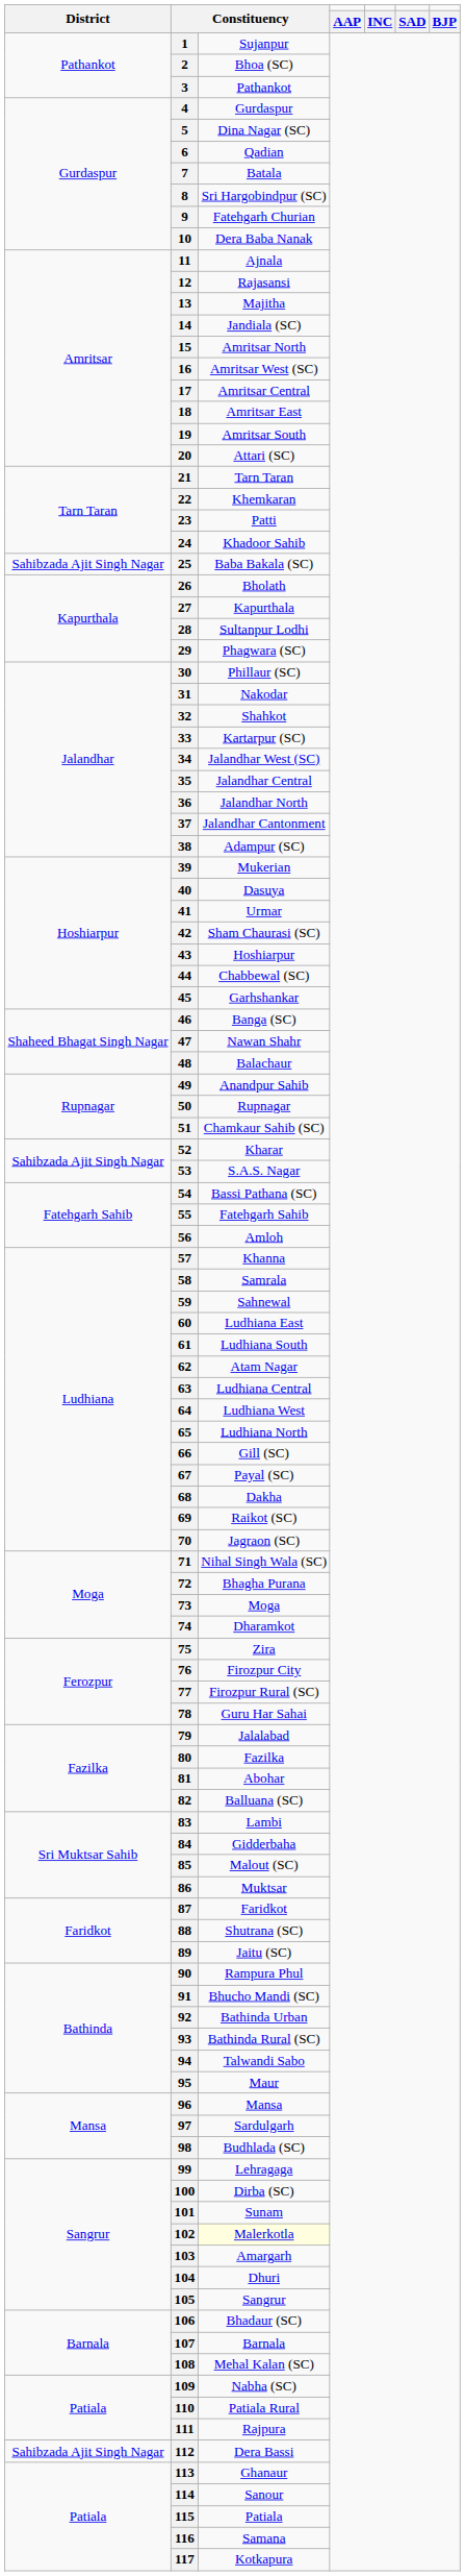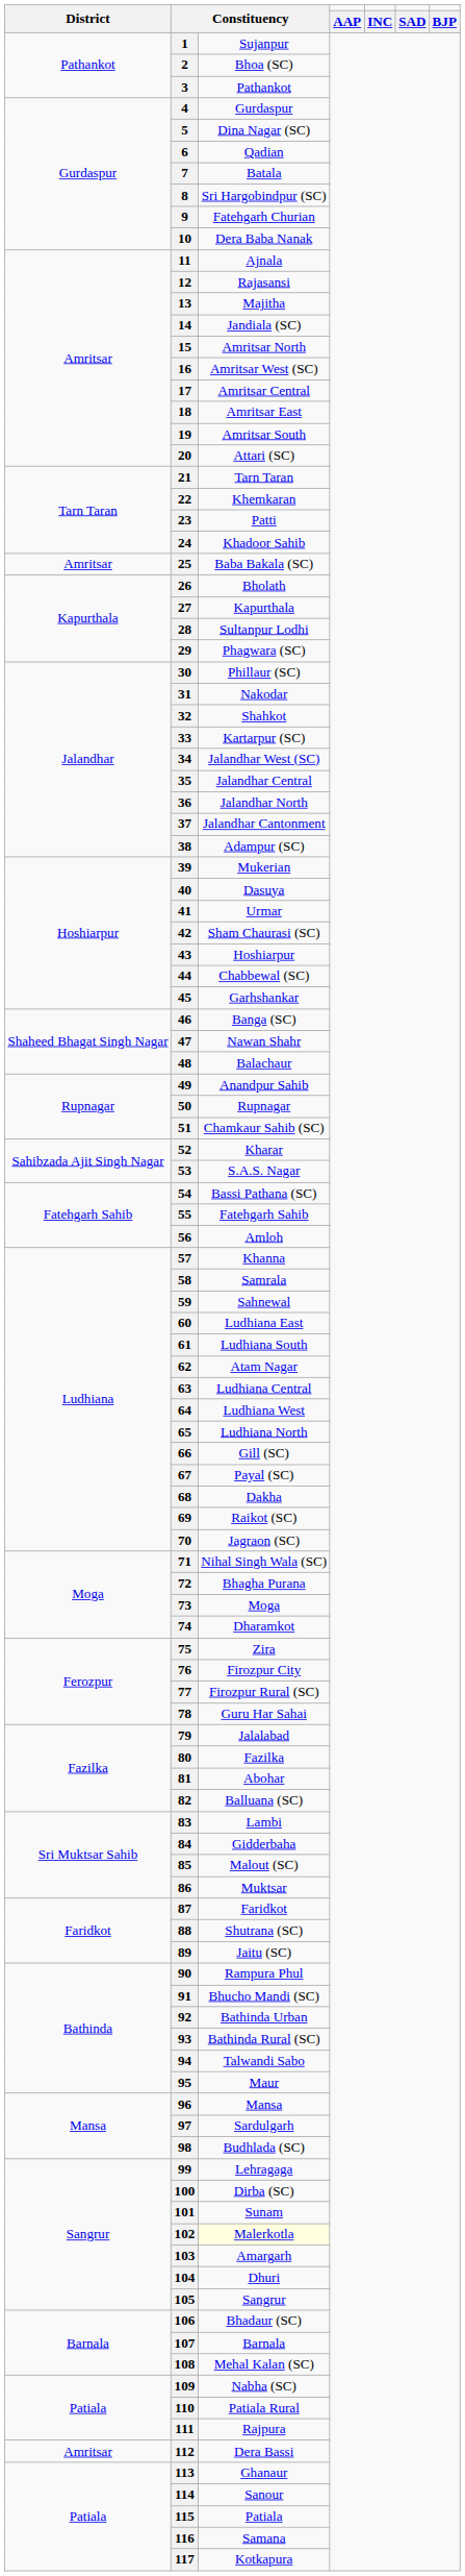 <table class="wikitable" style="text-align:center;">
 <tr>
 <th rowspan="2">District</th>
 <th colspan="2" rowspan="2">Constituency</th>
 <td colspan="3" style="background:"></td>
 <td colspan="3" style="background:"></td>
 <td colspan="3" style="background:"></td>
 <td colspan="3" style="background:"></td>
 </tr>
 <tr>
 <th colspan="3"><a href='#'>AAP</a></th>
 <th colspan="3"><a href='#'>INC</a></th>
 <th colspan="3"><a href='#'>SAD</a></th>
 <th colspan="3"><a href='#'>BJP</a></th>
 </tr>
 <tr>
 <td rowspan="3"><a href='#'>Pathankot</a></td>
 <th>1</th>
 <td><a href='#'>Sujanpur</a></td>
 </tr>
 <tr>
 <th>2</th>
 <td><a href='#'>Bhoa</a> (SC)</td>
 </tr>
 <tr>
 <th>3</th>
 <td><a href='#'>Pathankot</a></td>
 </tr>
 <tr>
 <td rowspan="7"><a href='#'>Gurdaspur</a></td>
 <th>4</th>
 <td><a href='#'>Gurdaspur</a></td>
 </tr>
 <tr>
 <th>5</th>
 <td><a href='#'>Dina Nagar</a> (SC)</td>
 </tr>
 <tr>
 <th>6</th>
 <td><a href='#'>Qadian</a></td>
 </tr>
 <tr>
 <th>7</th>
 <td><a href='#'>Batala</a></td>
 </tr>
 <tr>
 <th>8</th>
 <td><a href='#'>Sri Hargobindpur</a> (SC)</td>
 </tr>
 <tr>
 <th>9</th>
 <td><a href='#'>Fatehgarh Churian</a></td>
 </tr>
 <tr>
 <th>10</th>
 <td><a href='#'>Dera Baba Nanak</a></td>
 </tr>
 <tr>
 <td rowspan="10"><a href='#'>Amritsar</a></td>
 <th>11</th>
 <td><a href='#'>Ajnala</a></td>
 </tr>
 <tr>
 <th>12</th>
 <td><a href='#'>Rajasansi</a></td>
 </tr>
 <tr>
 <th>13</th>
 <td><a href='#'>Majitha</a></td>
 </tr>
 <tr>
 <th>14</th>
 <td><a href='#'>Jandiala</a> (SC)</td>
 </tr>
 <tr>
 <th>15</th>
 <td><a href='#'>Amritsar North</a></td>
 </tr>
 <tr>
 <th>16</th>
 <td><a href='#'>Amritsar West</a> (SC)</td>
 </tr>
 <tr>
 <th>17</th>
 <td><a href='#'>Amritsar Central</a></td>
 </tr>
 <tr>
 <th>18</th>
 <td><a href='#'>Amritsar East</a></td>
 </tr>
 <tr>
 <th>19</th>
 <td><a href='#'>Amritsar South</a></td>
 </tr>
 <tr>
 <th>20</th>
 <td><a href='#'>Attari</a> (SC)</td>
 </tr>
 <tr>
 <td rowspan="4"><a href='#'>Tarn Taran</a></td>
 <th>21</th>
 <td><a href='#'>Tarn Taran</a></td>
 </tr>
 <tr>
 <th>22</th>
 <td><a href='#'>Khemkaran</a></td>
 </tr>
 <tr>
 <th>23</th>
 <td><a href='#'>Patti</a></td>
 </tr>
 <tr>
 <th>24</th>
 <td><a href='#'>Khadoor Sahib</a></td>
 </tr>
 <tr>
-<td><a href='#'>Sahibzada Ajit Singh Nagar</a></td>
+<td><a href='#'>Amritsar</a></td>
 <th>25</th>
 <td><a href='#'>Baba Bakala</a> (SC)</td>
 </tr>
 <tr>
 <td rowspan="4"><a href='#'>Kapurthala</a></td>
 <th>26</th>
 <td><a href='#'>Bholath</a></td>
 </tr>
 <tr>
 <th>27</th>
 <td><a href='#'>Kapurthala</a></td>
 </tr>
 <tr>
 <th>28</th>
 <td><a href='#'>Sultanpur Lodhi</a></td>
 </tr>
 <tr>
 <th>29</th>
 <td><a href='#'>Phagwara</a> (SC)</td>
 </tr>
 <tr>
 <td rowspan="9"><a href='#'>Jalandhar</a></td>
 <th>30</th>
 <td><a href='#'>Phillaur</a> (SC)</td>
 </tr>
 <tr>
 <th>31</th>
 <td><a href='#'>Nakodar</a></td>
 </tr>
 <tr>
 <th>32</th>
 <td><a href='#'>Shahkot</a></td>
 </tr>
 <tr>
 <th>33</th>
 <td><a href='#'>Kartarpur</a> (SC)</td>
 </tr>
 <tr>
 <th>34</th>
 <td><a href='#'>Jalandhar West (SC)</a></td>
 </tr>
 <tr>
 <th>35</th>
 <td><a href='#'>Jalandhar Central</a></td>
 </tr>
 <tr>
 <th>36</th>
 <td><a href='#'>Jalandhar North</a></td>
 </tr>
 <tr>
 <th>37</th>
 <td><a href='#'>Jalandhar Cantonment</a></td>
 </tr>
 <tr>
 <th>38</th>
 <td><a href='#'>Adampur</a> (SC)</td>
 </tr>
 <tr>
 <td rowspan="7"><a href='#'>Hoshiarpur</a></td>
 <th>39</th>
 <td><a href='#'>Mukerian</a></td>
 </tr>
 <tr>
 <th>40</th>
 <td><a href='#'>Dasuya</a></td>
 </tr>
 <tr>
 <th>41</th>
 <td><a href='#'>Urmar</a></td>
 </tr>
 <tr>
 <th>42</th>
 <td><a href='#'>Sham Chaurasi</a> (SC)</td>
 </tr>
 <tr>
 <th>43</th>
 <td><a href='#'>Hoshiarpur</a></td>
 </tr>
 <tr>
 <th>44</th>
 <td><a href='#'>Chabbewal</a> (SC)</td>
 </tr>
 <tr>
 <th>45</th>
 <td><a href='#'>Garhshankar</a></td>
 </tr>
 <tr>
 <td rowspan="3"><a href='#'>Shaheed Bhagat Singh Nagar</a></td>
 <th>46</th>
 <td><a href='#'>Banga</a> (SC)</td>
 </tr>
 <tr>
 <th>47</th>
 <td><a href='#'>Nawan Shahr</a></td>
 </tr>
 <tr>
 <th>48</th>
 <td><a href='#'>Balachaur</a></td>
 </tr>
 <tr>
 <td rowspan="3"><a href='#'>Rupnagar</a></td>
 <th>49</th>
 <td><a href='#'>Anandpur Sahib</a></td>
 </tr>
 <tr>
 <th>50</th>
 <td><a href='#'>Rupnagar</a></td>
 </tr>
 <tr>
 <th>51</th>
 <td><a href='#'>Chamkaur Sahib</a> (SC)</td>
 </tr>
 <tr>
 <td rowspan="2"><a href='#'>Sahibzada Ajit Singh Nagar</a></td>
 <th>52</th>
 <td><a href='#'>Kharar</a></td>
 </tr>
 <tr>
 <th>53</th>
 <td><a href='#'>S.A.S. Nagar</a></td>
 </tr>
 <tr>
 <td rowspan="3"><a href='#'>Fatehgarh Sahib</a></td>
 <th>54</th>
 <td><a href='#'>Bassi Pathana</a> (SC)</td>
 </tr>
 <tr>
 <th>55</th>
 <td><a href='#'>Fatehgarh Sahib</a></td>
 </tr>
 <tr>
 <th>56</th>
 <td><a href='#'>Amloh</a></td>
 </tr>
 <tr>
 <td rowspan="14"><a href='#'>Ludhiana</a></td>
 <th>57</th>
 <td><a href='#'>Khanna</a></td>
 </tr>
 <tr>
 <th>58</th>
 <td><a href='#'>Samrala</a></td>
 </tr>
 <tr>
 <th>59</th>
 <td><a href='#'>Sahnewal</a></td>
 </tr>
 <tr>
 <th>60</th>
 <td><a href='#'>Ludhiana East</a></td>
 </tr>
 <tr>
 <th>61</th>
 <td><a href='#'>Ludhiana South</a></td>
 </tr>
 <tr>
 <th>62</th>
 <td><a href='#'>Atam Nagar</a></td>
 </tr>
 <tr>
 <th>63</th>
 <td><a href='#'>Ludhiana Central</a></td>
 </tr>
 <tr>
 <th>64</th>
 <td><a href='#'>Ludhiana West</a></td>
 </tr>
 <tr>
 <th>65</th>
 <td><a href='#'>Ludhiana North</a></td>
 </tr>
 <tr>
 <th>66</th>
 <td><a href='#'>Gill</a> (SC)</td>
 </tr>
 <tr>
 <th>67</th>
 <td><a href='#'>Payal</a> (SC)</td>
 </tr>
 <tr>
 <th>68</th>
 <td><a href='#'>Dakha</a></td>
 </tr>
 <tr>
 <th>69</th>
 <td><a href='#'>Raikot</a> (SC)</td>
 </tr>
 <tr>
 <th>70</th>
 <td><a href='#'>Jagraon</a> (SC)</td>
 </tr>
 <tr>
 <td rowspan="4"><a href='#'>Moga</a></td>
 <th>71</th>
 <td><a href='#'>Nihal Singh Wala</a> (SC)</td>
 </tr>
 <tr>
 <th>72</th>
 <td><a href='#'>Bhagha Purana</a></td>
 </tr>
 <tr>
 <th>73</th>
 <td><a href='#'>Moga</a></td>
 </tr>
 <tr>
 <th>74</th>
 <td><a href='#'>Dharamkot</a></td>
 </tr>
 <tr>
 <td rowspan="4"><a href='#'>Ferozpur</a></td>
 <th>75</th>
 <td><a href='#'>Zira</a></td>
 </tr>
 <tr>
 <th>76</th>
 <td><a href='#'>Firozpur City</a></td>
 </tr>
 <tr>
 <th>77</th>
 <td><a href='#'>Firozpur Rural</a> (SC)</td>
 </tr>
 <tr>
 <th>78</th>
 <td><a href='#'>Guru Har Sahai</a></td>
 </tr>
 <tr>
 <td rowspan="4"><a href='#'>Fazilka</a></td>
 <th>79</th>
 <td><a href='#'>Jalalabad</a></td>
 </tr>
 <tr>
 <th>80</th>
 <td><a href='#'>Fazilka</a></td>
 </tr>
 <tr>
 <th>81</th>
 <td><a href='#'>Abohar</a></td>
 </tr>
 <tr>
 <th>82</th>
 <td><a href='#'>Balluana</a> (SC)</td>
 </tr>
 <tr>
 <td rowspan="4"><a href='#'>Sri Muktsar Sahib</a></td>
 <th>83</th>
 <td><a href='#'>Lambi</a></td>
 </tr>
 <tr>
 <th>84</th>
 <td><a href='#'>Gidderbaha</a></td>
 </tr>
 <tr>
 <th>85</th>
 <td><a href='#'>Malout</a> (SC)</td>
 </tr>
 <tr>
 <th>86</th>
 <td><a href='#'>Muktsar</a></td>
 </tr>
 <tr>
 <td rowspan="3"><a href='#'>Faridkot</a></td>
 <th>87</th>
 <td><a href='#'>Faridkot</a></td>
 </tr>
 <tr>
 <th>88</th>
 <td><a href='#'>Shutrana</a> (SC)</td>
 </tr>
 <tr>
 <th>89</th>
 <td><a href='#'>Jaitu</a> (SC)</td>
 </tr>
 <tr>
 <td rowspan="6"><a href='#'>Bathinda</a></td>
 <th>90</th>
 <td><a href='#'>Rampura Phul</a></td>
 </tr>
 <tr>
 <th>91</th>
 <td><a href='#'>Bhucho Mandi</a> (SC)</td>
 </tr>
 <tr>
 <th>92</th>
 <td><a href='#'>Bathinda Urban</a></td>
 </tr>
 <tr>
 <th>93</th>
 <td><a href='#'>Bathinda Rural</a> (SC)</td>
 </tr>
 <tr>
 <th>94</th>
 <td><a href='#'>Talwandi Sabo</a></td>
 </tr>
 <tr>
 <th>95</th>
 <td><a href='#'>Maur</a></td>
 </tr>
 <tr>
 <td rowspan="3"><a href='#'>Mansa</a></td>
 <th>96</th>
 <td><a href='#'>Mansa</a></td>
 </tr>
 <tr>
 <th>97</th>
 <td><a href='#'>Sardulgarh</a></td>
 </tr>
 <tr>
 <th>98</th>
 <td><a href='#'>Budhlada</a> (SC)</td>
 </tr>
 <tr>
 <td rowspan="7"><a href='#'>Sangrur</a></td>
 <th>99</th>
 <td><a href='#'>Lehragaga</a></td>
 </tr>
 <tr>
 <th>100</th>
 <td><a href='#'>Dirba</a> (SC)</td>
 </tr>
 <tr>
 <th>101</th>
 <td><a href='#'>Sunam</a></td>
 </tr>
 <tr>
 <th>102</th>
 <td style="background: lightyellow;"><a href='#'>Malerkotla</a></td>
 </tr>
 <tr>
 <th>103</th>
 <td><a href='#'>Amargarh</a></td>
 </tr>
 <tr>
 <th>104</th>
 <td><a href='#'>Dhuri</a></td>
 </tr>
 <tr>
 <th>105</th>
 <td><a href='#'>Sangrur</a></td>
 </tr>
 <tr>
 <td rowspan="3"><a href='#'>Barnala</a></td>
 <th>106</th>
 <td><a href='#'>Bhadaur</a> (SC)</td>
 </tr>
 <tr>
 <th>107</th>
 <td><a href='#'>Barnala</a></td>
 </tr>
 <tr>
 <th>108</th>
 <td><a href='#'>Mehal Kalan</a> (SC)</td>
 </tr>
 <tr>
 <td rowspan="3"><a href='#'>Patiala</a></td>
 <th>109</th>
 <td><a href='#'>Nabha</a> (SC)</td>
 </tr>
 <tr>
 <th>110</th>
 <td><a href='#'>Patiala Rural</a></td>
 </tr>
 <tr>
 <th>111</th>
 <td><a href='#'>Rajpura</a></td>
 </tr>
 <tr>
-<td><a href='#'>Sahibzada Ajit Singh Nagar</a></td>
+<td><a href='#'>Amritsar</a></td>
 <th>112</th>
 <td><a href='#'>Dera Bassi</a></td>
 </tr>
 <tr>
 <td rowspan="5"><a href='#'>Patiala</a></td>
 <th>113</th>
 <td><a href='#'>Ghanaur</a></td>
 </tr>
 <tr>
 <th>114</th>
 <td><a href='#'>Sanour</a></td>
 </tr>
 <tr>
 <th>115</th>
 <td><a href='#'>Patiala</a></td>
 </tr>
 <tr>
 <th>116</th>
 <td><a href='#'>Samana</a></td>
 </tr>
 <tr>
 <th>117</th>
 <td><a href='#'>Kotkapura</a></td>
 </tr>
 </table>
